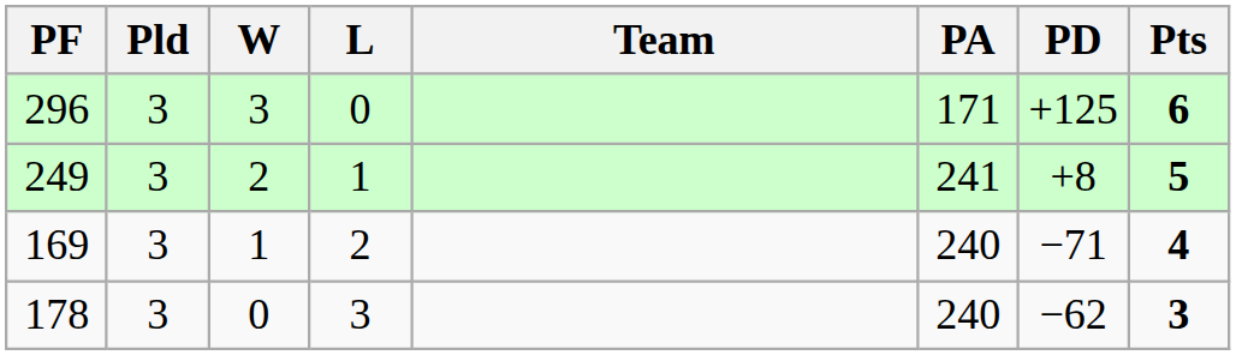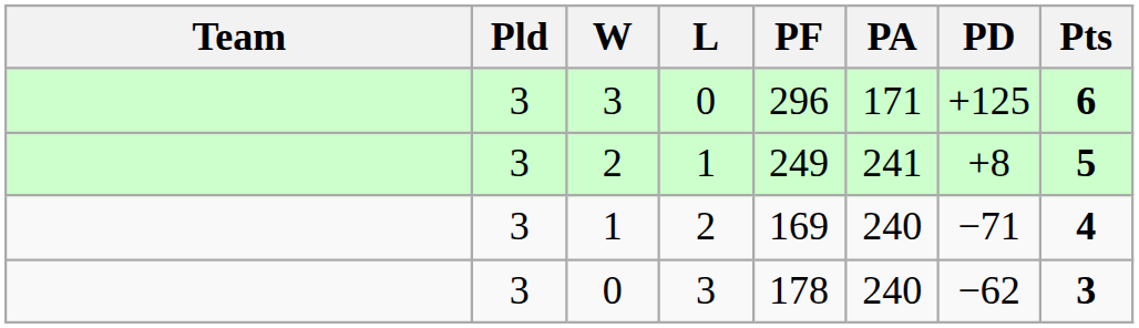 <table class="wikitable" style="text-align:center;">
 <tr>
-<th width=30>PF</th>
+<th width=180>Team</th>
 <th width=30>Pld</th>
 <th width=30>W</th>
 <th width=30>L</th>
-<th width=180>Team</th>
+<th width=30>PF</th>
 <th width=30>PA</th>
 <th width=30>PD</th>
 <th width=30>Pts</th>
 </tr>
 <tr bgcolor="#ccffcc">
-<td>296</td>
+<td align="left"></td>
 <td>3</td>
 <td>3</td>
 <td>0</td>
-<td align="left"></td>
+<td>296</td>
 <td>171</td>
 <td>+125</td>
 <td><strong>6</strong></td>
 </tr>
 <tr bgcolor="#ccffcc">
-<td>249</td>
+<td align="left"></td>
 <td>3</td>
 <td>2</td>
 <td>1</td>
-<td align="left"></td>
+<td>249</td>
 <td>241</td>
 <td>+8</td>
 <td><strong>5</strong></td>
 </tr>
 <tr>
-<td>169</td>
+<td align="left"></td>
 <td>3</td>
 <td>1</td>
 <td>2</td>
-<td align="left"></td>
+<td>169</td>
 <td>240</td>
 <td>−71</td>
 <td><strong>4</strong></td>
 </tr>
 <tr>
-<td>178</td>
+<td align="left"></td>
 <td>3</td>
 <td>0</td>
 <td>3</td>
-<td align="left"></td>
+<td>178</td>
 <td>240</td>
 <td>−62</td>
 <td><strong>3</strong></td>
 </tr>
 </table>
